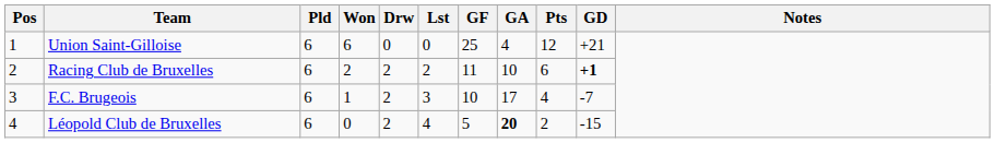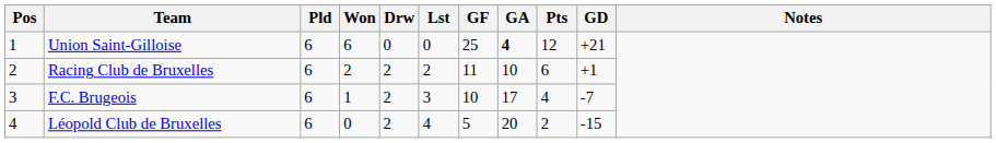 <table class="wikitable" width=70% style="font-size:90%">
 <tr>
 <th width=4%><strong>Pos</strong></th>
 <th width=26%><strong>Team</strong></th>
 <th width=4%><strong>Pld</strong></th>
 <th width=4%><strong>Won</strong></th>
 <th width=4%><strong>Drw</strong></th>
 <th width=4%><strong>Lst</strong></th>
 <th width=4%><strong>GF</strong></th>
 <th width=4%><strong>GA</strong></th>
 <th width=4%><strong>Pts</strong></th>
 <th width=4%><strong>GD</strong></th>
 <th width=38%><strong>Notes</strong></th>
 </tr>
 <tr>
 <td>1</td>
 <td><a href='#'>Union Saint-Gilloise</a></td>
 <td>6</td>
 <td>6</td>
 <td>0</td>
 <td>0</td>
 <td>25</td>
-<td>4</td>
+<td><strong>4</strong></td>
 <td>12</td>
 <td>+21</td>
 </tr>
 <tr>
 <td>2</td>
 <td><a href='#'>Racing Club de Bruxelles</a></td>
 <td>6</td>
 <td>2</td>
 <td>2</td>
 <td>2</td>
 <td>11</td>
 <td>10</td>
 <td>6</td>
-<td><strong>+1</strong></td>
+<td>+1</td>
 </tr>
 <tr>
 <td>3</td>
 <td><a href='#'>F.C. Brugeois</a></td>
 <td>6</td>
 <td>1</td>
 <td>2</td>
 <td>3</td>
 <td>10</td>
 <td>17</td>
 <td>4</td>
 <td>-7</td>
 </tr>
 <tr>
 <td>4</td>
 <td><a href='#'>Léopold Club de Bruxelles</a></td>
 <td>6</td>
 <td>0</td>
 <td>2</td>
 <td>4</td>
 <td>5</td>
-<td><strong>20</strong></td>
+<td>20</td>
 <td>2</td>
 <td>-15</td>
 </tr>
 </table>
